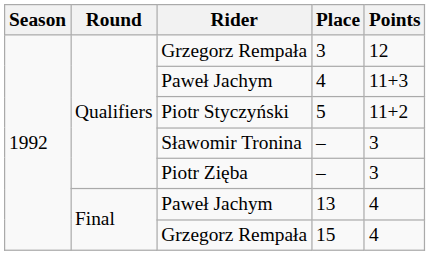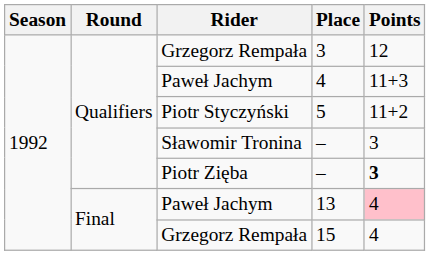 <table class="wikitable">
 <tr>
 <th>Season</th>
 <th>Round</th>
 <th>Rider</th>
 <th>Place</th>
 <th>Points</th>
 </tr>
 <tr>
 <td rowspan="7">1992</td>
 <td rowspan="5">Qualifiers</td>
 <td>Grzegorz Rempała</td>
 <td>3</td>
 <td>12</td>
 </tr>
 <tr>
 <td>Paweł Jachym</td>
 <td>4</td>
 <td>11+3</td>
 </tr>
 <tr>
 <td>Piotr Styczyński</td>
 <td>5</td>
 <td>11+2</td>
 </tr>
 <tr>
 <td>Sławomir Tronina</td>
 <td>–</td>
 <td>3</td>
 </tr>
 <tr>
 <td>Piotr Zięba</td>
 <td>–</td>
-<td>3</td>
+<td><strong>3</strong></td>
 </tr>
 <tr>
 <td rowspan="2">Final</td>
 <td>Paweł Jachym</td>
 <td>13</td>
-<td>4</td>
+<td style="background: pink;">4</td>
 </tr>
 <tr>
 <td>Grzegorz Rempała</td>
 <td>15</td>
 <td>4</td>
 </tr>
 </table>
